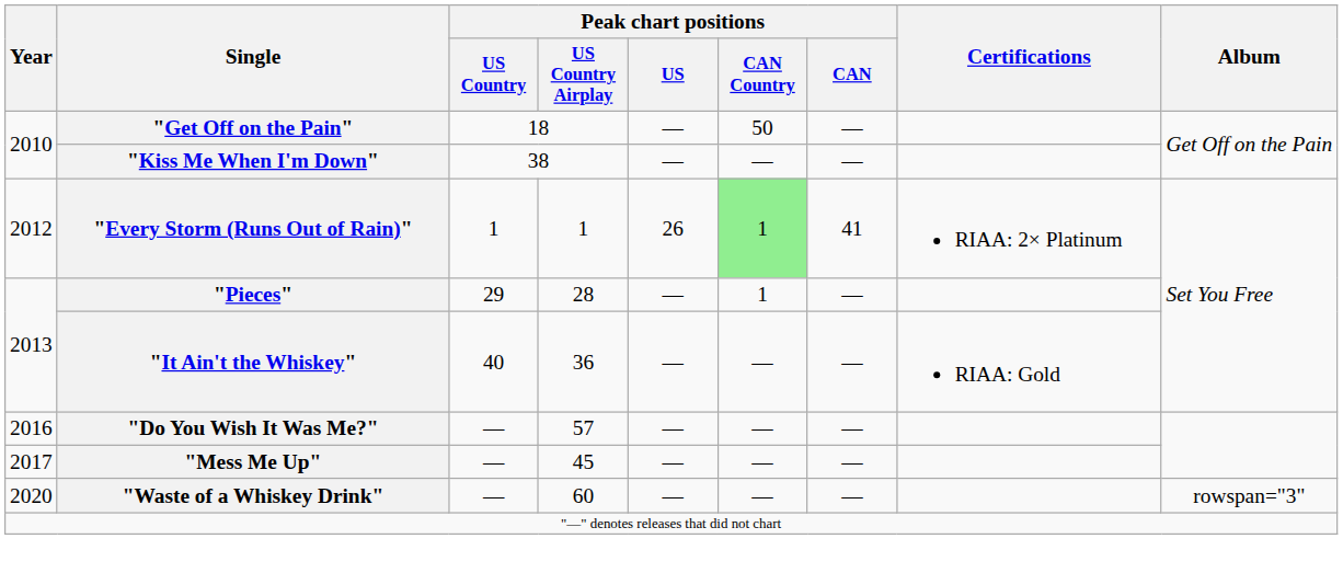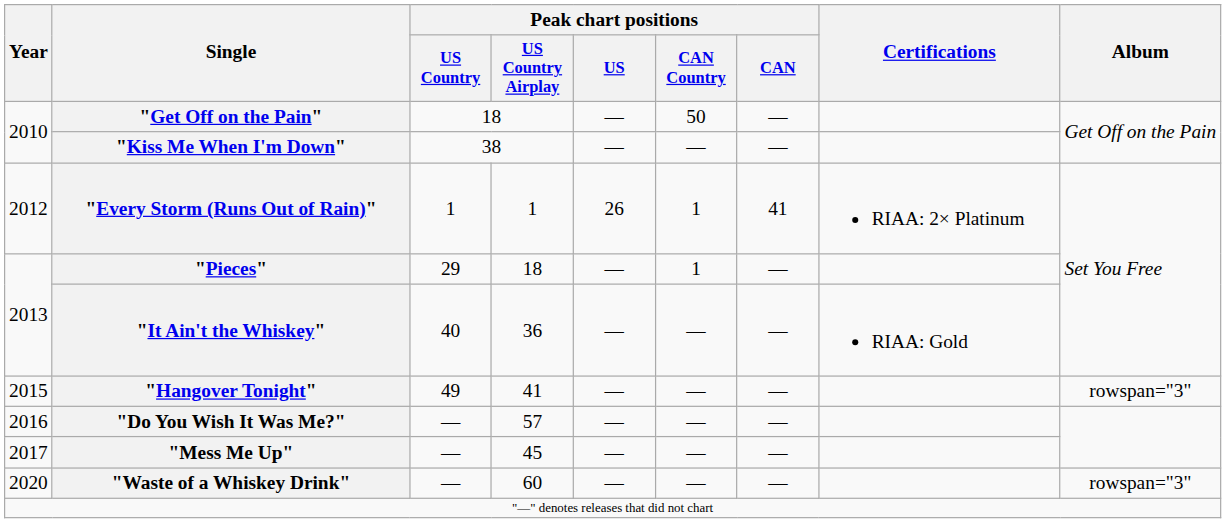 <table class="wikitable plainrowheaders" style="text-align:center;">
 <tr>
 <th scope="col" rowspan="2">Year</th>
 <th scope="col" rowspan="2" style="width:18em;">Single</th>
 <th scope="col" colspan="5">Peak chart positions</th>
 <th scope="col" rowspan="2" style="width:12em;"><a href='#'>Certifications</a></th>
 <th scope="col" rowspan="2">Album</th>
 </tr>
 <tr>
 <th scope="col" style="width:4.5em;font-size:85%;"><a href='#'>US Country</a><br></th>
 <th scope="col" style="width:4.5em;font-size:85%;"><a href='#'>US Country Airplay</a><br></th>
 <th scope="col" style="width:4.5em;font-size:85%;"><a href='#'>US</a><br></th>
 <th scope="col" style="width:4.5em;font-size:85%;"><a href='#'>CAN Country</a><br></th>
 <th scope="col" style="width:4.5em;font-size:85%;"><a href='#'>CAN</a><br></th>
 </tr>
 <tr>
 <td rowspan="2">2010</td>
 <th scope="row">"<a href='#'>Get Off on the Pain</a>"</th>
 <td colspan="2">18</td>
 <td>—</td>
 <td>50</td>
 <td>—</td>
 <td></td>
 <td align="left" rowspan="2"><em>Get Off on the Pain</em></td>
 </tr>
 <tr>
 <th scope="row">"<a href='#'>Kiss Me When I'm Down</a>"</th>
 <td colspan="2">38</td>
 <td>—</td>
 <td>—</td>
 <td>—</td>
 <td></td>
 </tr>
 <tr>
 <td>2012</td>
 <th scope="row">"<a href='#'>Every Storm (Runs Out of Rain)</a>"</th>
 <td>1</td>
 <td>1</td>
 <td>26</td>
-<td style="background: lightgreen;">1</td>
+<td>1</td>
 <td>41</td>
 <td align="left"><br><ul><li>RIAA: 2× Platinum</li></ul></td>
 <td align="left" rowspan="3"><em>Set You Free</em></td>
 </tr>
 <tr>
 <td rowspan=2>2013</td>
 <th scope="row">"<a href='#'>Pieces</a>"</th>
 <td>29</td>
-<td>28</td>
+<td>18</td>
 <td>—</td>
 <td>1</td>
 <td>—</td>
 <td></td>
 </tr>
 <tr>
 <th scope="row">"<a href='#'>It Ain't the Whiskey</a>"</th>
 <td>40</td>
 <td>36</td>
 <td>—</td>
 <td>—</td>
 <td>—</td>
 <td align="left"><br><ul><li>RIAA: Gold</li></ul></td>
+</tr>
+<tr>
+<td>2015</td>
+<th scope="row">"<a href='#'>Hangover Tonight</a>"</th>
+<td>49</td>
+<td>41</td>
+<td>—</td>
+<td>—</td>
+<td>—</td>
+<td></td>
+<td>rowspan="3" </td>
 </tr>
 <tr>
 <td>2016</td>
 <th scope="row">"Do You Wish It Was Me?"</th>
 <td>—</td>
 <td>57</td>
 <td>—</td>
 <td>—</td>
 <td>—</td>
 <td></td>
 </tr>
 <tr>
 <td>2017</td>
 <th scope="row">"Mess Me Up"</th>
 <td>—</td>
 <td>45</td>
 <td>—</td>
 <td>—</td>
 <td>—</td>
 <td></td>
 </tr>
 <tr>
 <td>2020</td>
 <th scope="row">"Waste of a Whiskey Drink"</th>
 <td>—</td>
 <td>60</td>
 <td>—</td>
 <td>—</td>
 <td>—</td>
 <td></td>
 <td>rowspan="3" </td>
 </tr>
 <tr>
 <td colspan="9" style="font-size:8pt">"—" denotes releases that did not chart</td>
 </tr>
 </table>
